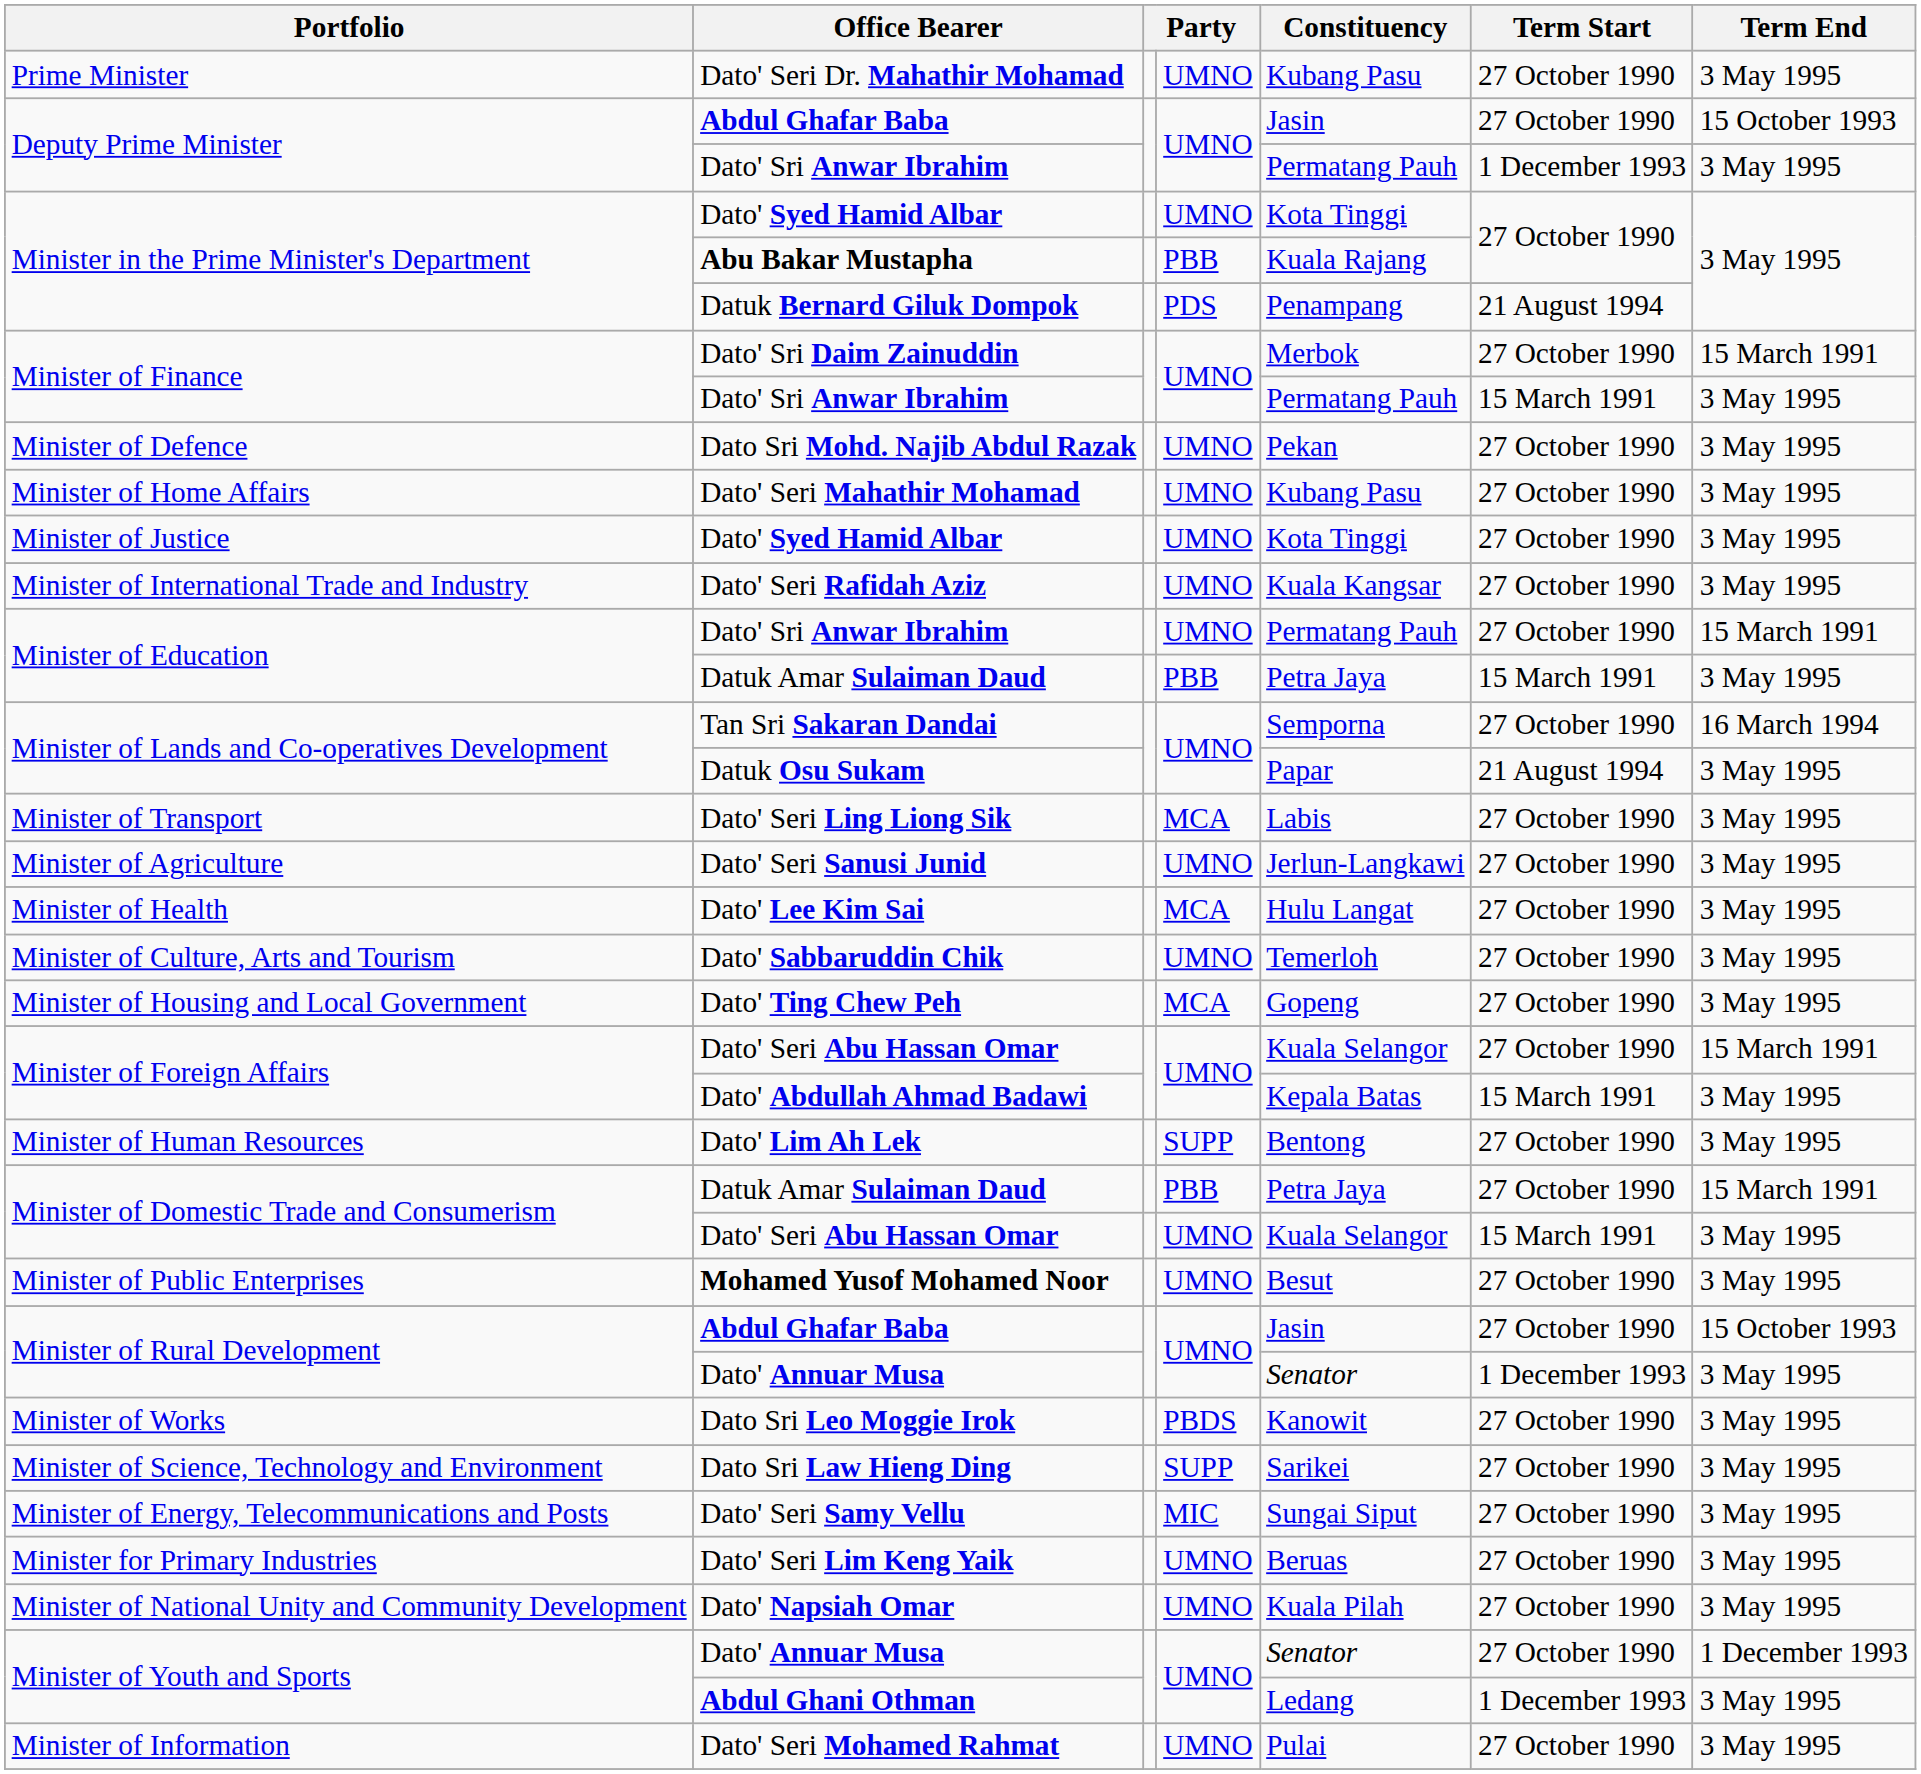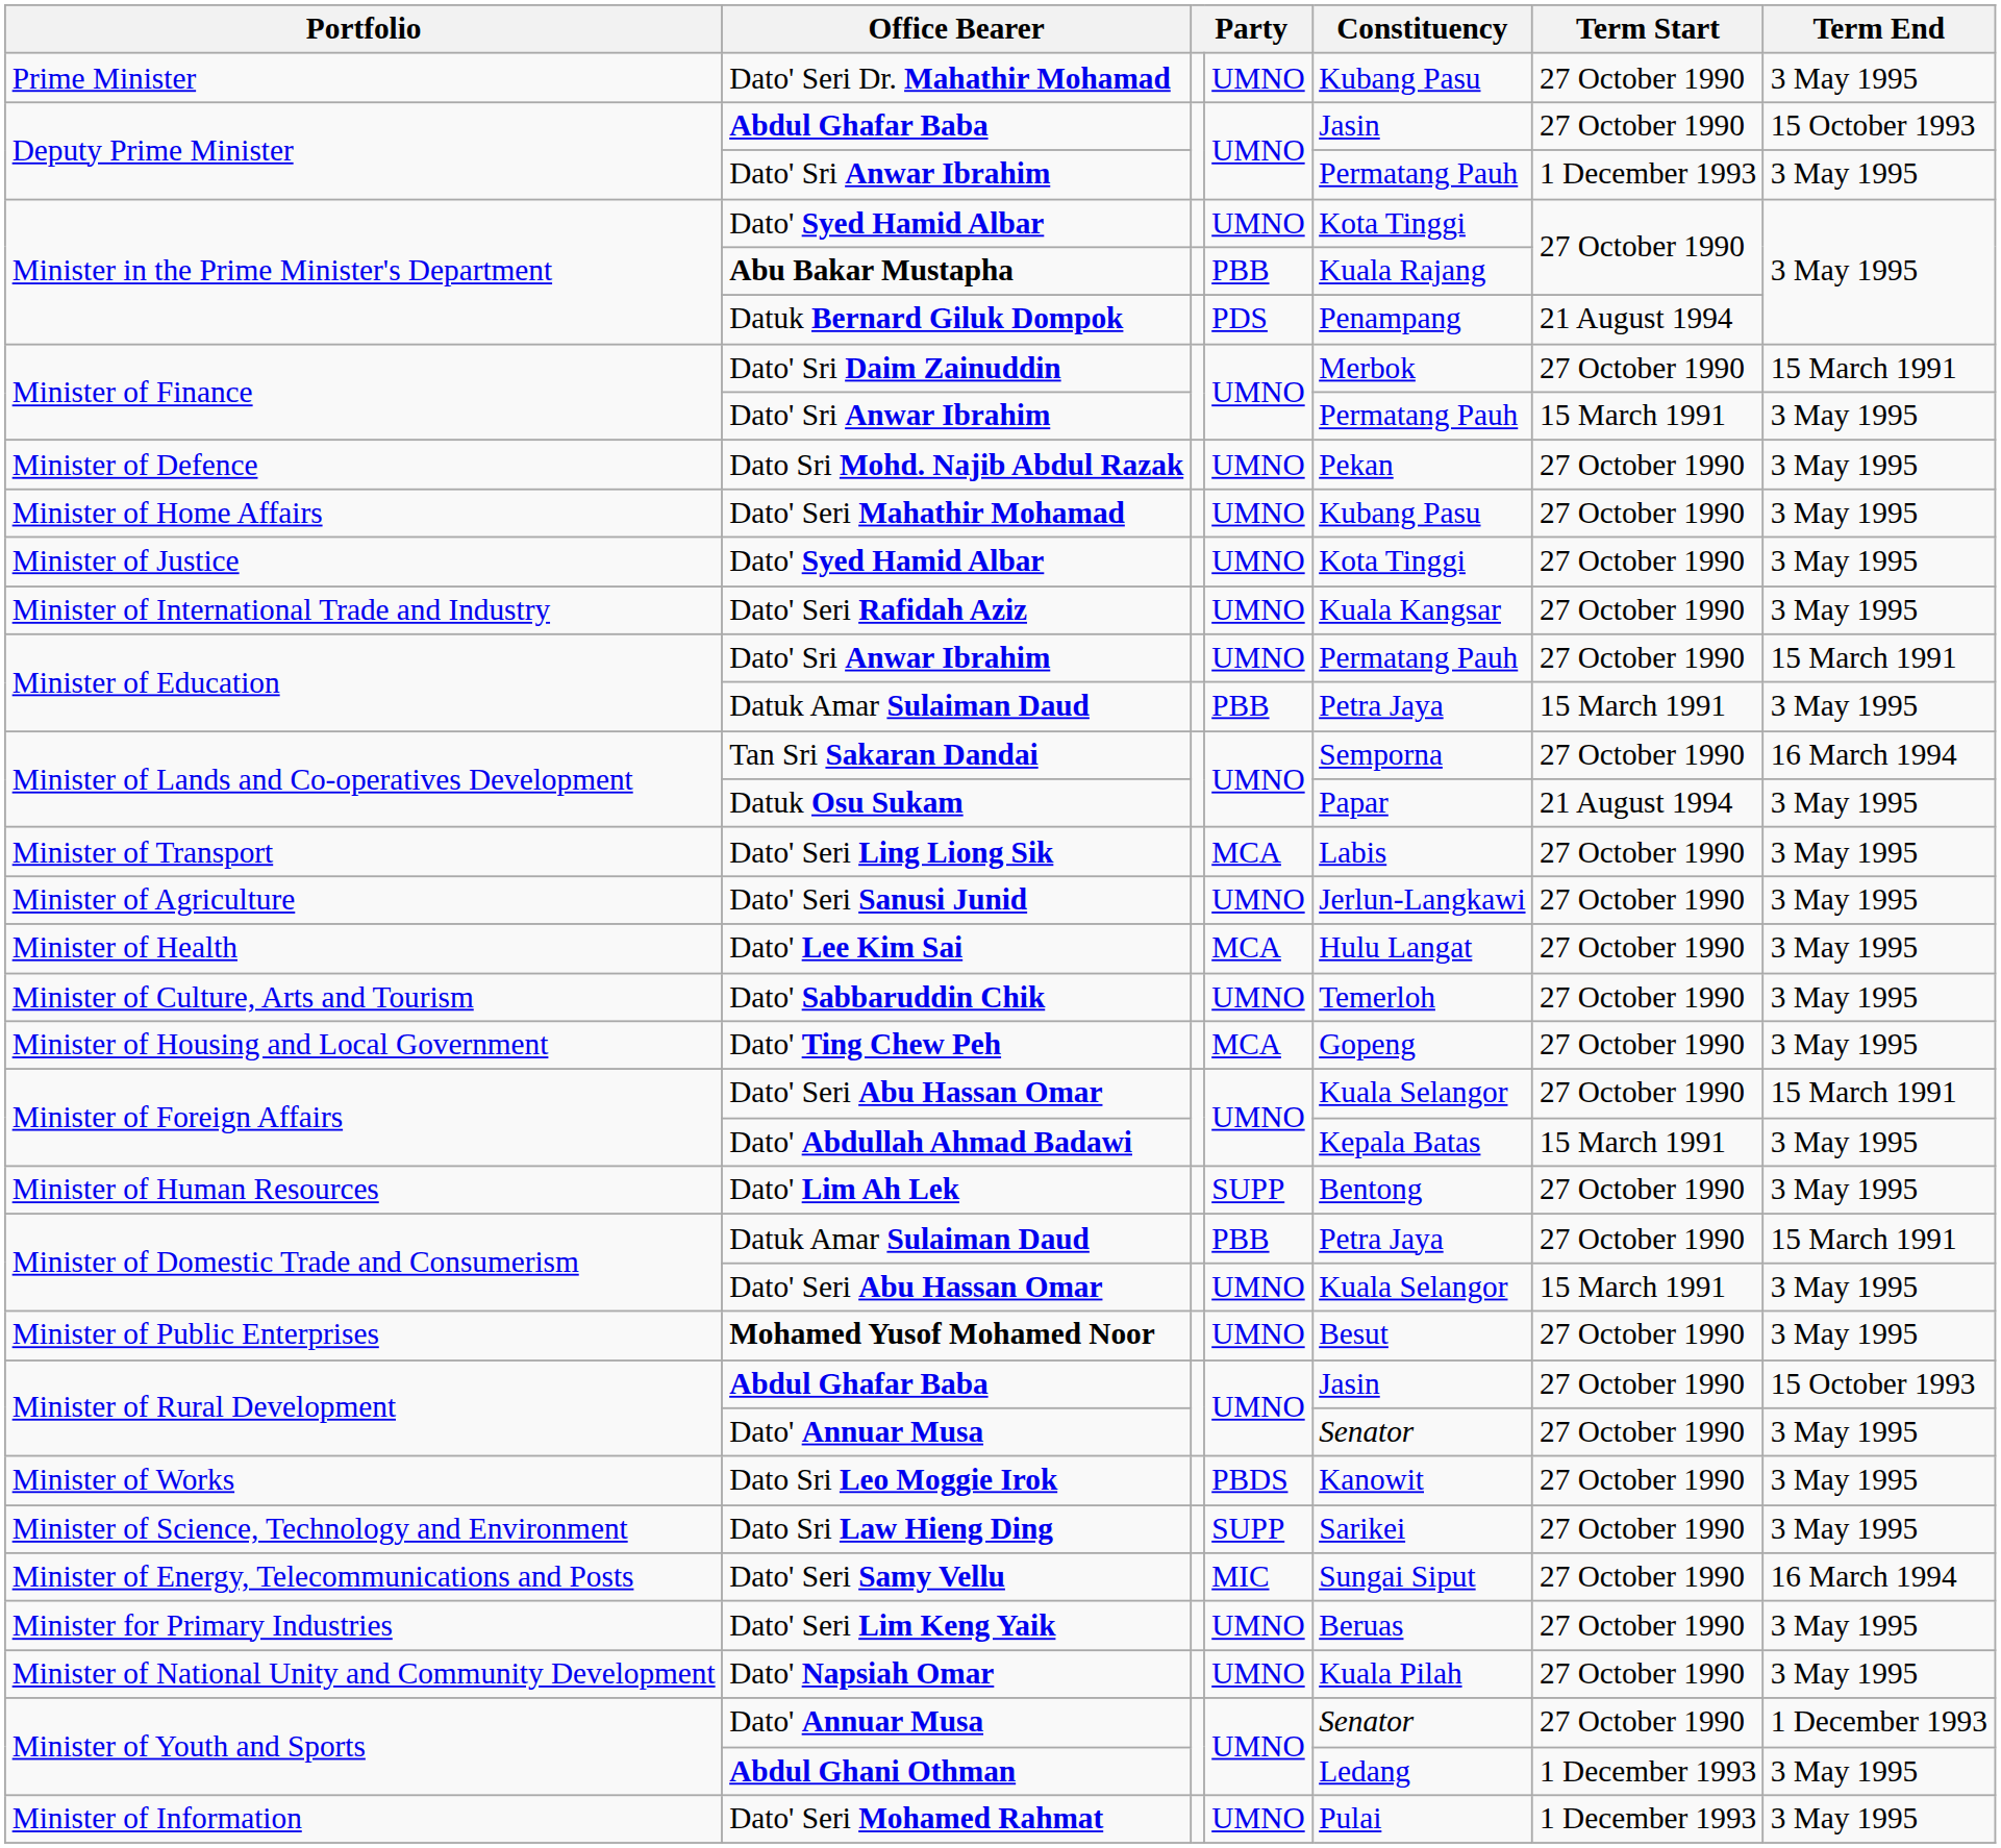 <table class="sortable wikitable">
 <tr>
 <th>Portfolio</th>
 <th>Office Bearer</th>
 <th colspan=2>Party</th>
 <th>Constituency</th>
 <th>Term Start</th>
 <th>Term End</th>
 </tr>
 <tr>
 <td><a href='#'>Prime Minister</a></td>
 <td>Dato' Seri Dr. <strong><a href='#'>Mahathir Mohamad</a></strong> </td>
 <td></td>
 <td><a href='#'>UMNO</a></td>
 <td><a href='#'>Kubang Pasu</a></td>
 <td>27 October 1990</td>
 <td>3 May 1995</td>
 </tr>
 <tr>
 <td rowspan=2><a href='#'>Deputy Prime Minister</a></td>
 <td><strong><a href='#'>Abdul Ghafar Baba</a></strong> </td>
 <td rowspan=2></td>
 <td rowspan=2><a href='#'>UMNO</a></td>
 <td><a href='#'>Jasin</a></td>
 <td>27 October 1990</td>
 <td>15 October 1993</td>
 </tr>
 <tr>
 <td>Dato' Sri <strong><a href='#'>Anwar Ibrahim</a></strong> </td>
 <td><a href='#'>Permatang Pauh</a></td>
 <td>1 December 1993</td>
 <td>3 May 1995</td>
 </tr>
 <tr>
 <td rowspan="3"><a href='#'>Minister in the Prime Minister's Department</a></td>
 <td>Dato' <strong><a href='#'>Syed Hamid Albar</a></strong> </td>
 <td></td>
 <td><a href='#'>UMNO</a></td>
 <td><a href='#'>Kota Tinggi</a></td>
 <td rowspan=2>27 October 1990</td>
 <td rowspan=3>3 May 1995</td>
 </tr>
 <tr>
 <td><strong>Abu Bakar Mustapha</strong> </td>
 <td></td>
 <td><a href='#'>PBB</a></td>
 <td><a href='#'>Kuala Rajang</a></td>
 </tr>
 <tr>
 <td>Datuk <strong><a href='#'>Bernard Giluk Dompok</a></strong> </td>
 <td rowspan=1></td>
 <td><a href='#'>PDS</a></td>
 <td><a href='#'>Penampang</a></td>
 <td>21 August 1994</td>
 </tr>
 <tr>
 <td rowspan="2"><a href='#'>Minister of Finance</a></td>
 <td>Dato' Sri <strong><a href='#'>Daim Zainuddin</a></strong> </td>
 <td rowspan=2></td>
 <td rowspan="2"><a href='#'>UMNO</a></td>
 <td><a href='#'>Merbok</a></td>
 <td>27 October 1990</td>
 <td>15 March 1991</td>
 </tr>
 <tr>
 <td>Dato' Sri <strong><a href='#'>Anwar Ibrahim</a></strong> </td>
 <td><a href='#'>Permatang Pauh</a></td>
 <td>15 March 1991</td>
 <td>3 May 1995</td>
 </tr>
 <tr>
 <td><a href='#'>Minister of Defence</a></td>
 <td>Dato Sri <strong><a href='#'>Mohd. Najib Abdul Razak</a></strong> </td>
 <td></td>
 <td><a href='#'>UMNO</a></td>
 <td><a href='#'>Pekan</a></td>
 <td>27 October 1990</td>
 <td>3 May 1995</td>
 </tr>
 <tr>
 <td><a href='#'>Minister of Home Affairs</a></td>
 <td>Dato' Seri <strong><a href='#'>Mahathir Mohamad</a></strong> </td>
 <td></td>
 <td><a href='#'>UMNO</a></td>
 <td><a href='#'>Kubang Pasu</a></td>
 <td>27 October 1990</td>
 <td>3 May 1995</td>
 </tr>
 <tr>
 <td><a href='#'>Minister of Justice</a></td>
 <td>Dato' <strong><a href='#'>Syed Hamid Albar</a></strong> </td>
 <td rowspan=1></td>
 <td><a href='#'>UMNO</a></td>
 <td><a href='#'>Kota Tinggi</a></td>
 <td>27 October 1990</td>
 <td>3 May 1995</td>
 </tr>
 <tr>
 <td><a href='#'>Minister of International Trade and Industry</a></td>
 <td>Dato' Seri <strong><a href='#'>Rafidah Aziz</a></strong> </td>
 <td></td>
 <td><a href='#'>UMNO</a></td>
 <td><a href='#'>Kuala Kangsar</a></td>
 <td>27 October 1990</td>
 <td>3 May 1995</td>
 </tr>
 <tr>
 <td rowspan=2><a href='#'>Minister of Education</a></td>
 <td>Dato' Sri <strong><a href='#'>Anwar Ibrahim</a></strong> </td>
 <td></td>
 <td><a href='#'>UMNO</a></td>
 <td><a href='#'>Permatang Pauh</a></td>
 <td>27 October 1990</td>
 <td>15 March 1991</td>
 </tr>
 <tr>
 <td>Datuk Amar <strong><a href='#'>Sulaiman Daud</a></strong> </td>
 <td></td>
 <td><a href='#'>PBB</a></td>
 <td><a href='#'>Petra Jaya</a></td>
 <td>15 March 1991</td>
 <td>3 May 1995</td>
 </tr>
 <tr>
 <td rowspan=2><a href='#'>Minister of Lands and Co-operatives Development</a></td>
 <td>Tan Sri <strong><a href='#'>Sakaran Dandai</a></strong> </td>
 <td rowspan=2></td>
 <td rowspan=2><a href='#'>UMNO</a></td>
 <td><a href='#'>Semporna</a></td>
 <td>27 October 1990</td>
 <td>16 March 1994</td>
 </tr>
 <tr>
 <td>Datuk <strong><a href='#'>Osu Sukam</a></strong> </td>
 <td><a href='#'>Papar</a></td>
 <td>21 August 1994</td>
 <td>3 May 1995</td>
 </tr>
 <tr>
 <td><a href='#'>Minister of Transport</a></td>
 <td>Dato' Seri <strong><a href='#'>Ling Liong Sik</a></strong> </td>
 <td></td>
 <td><a href='#'>MCA</a></td>
 <td><a href='#'>Labis</a></td>
 <td>27 October 1990</td>
 <td>3 May 1995</td>
 </tr>
 <tr>
 <td><a href='#'>Minister of Agriculture</a></td>
 <td>Dato' Seri <strong><a href='#'>Sanusi Junid</a></strong> </td>
 <td></td>
 <td><a href='#'>UMNO</a></td>
 <td><a href='#'>Jerlun-Langkawi</a></td>
 <td>27 October 1990</td>
 <td>3 May 1995</td>
 </tr>
 <tr>
 <td><a href='#'>Minister of Health</a></td>
 <td>Dato' <strong><a href='#'>Lee Kim Sai</a></strong> </td>
 <td></td>
 <td><a href='#'>MCA</a></td>
 <td><a href='#'>Hulu Langat</a></td>
 <td>27 October 1990</td>
 <td>3 May 1995</td>
 </tr>
 <tr>
 <td><a href='#'>Minister of Culture, Arts and Tourism</a></td>
 <td>Dato' <strong><a href='#'>Sabbaruddin Chik</a></strong> </td>
 <td></td>
 <td><a href='#'>UMNO</a></td>
 <td><a href='#'>Temerloh</a></td>
 <td>27 October 1990</td>
 <td>3 May 1995</td>
 </tr>
 <tr>
 <td><a href='#'>Minister of Housing and Local Government</a></td>
 <td>Dato' <strong><a href='#'>Ting Chew Peh</a></strong> </td>
 <td></td>
 <td><a href='#'>MCA</a></td>
 <td><a href='#'>Gopeng</a></td>
 <td>27 October 1990</td>
 <td>3 May 1995</td>
 </tr>
 <tr>
 <td rowspan=2><a href='#'>Minister of Foreign Affairs</a></td>
 <td>Dato' Seri <strong><a href='#'>Abu Hassan Omar</a></strong> </td>
 <td rowspan=2></td>
 <td rowspan=2><a href='#'>UMNO</a></td>
 <td><a href='#'>Kuala Selangor</a></td>
 <td>27 October 1990</td>
 <td>15 March 1991</td>
 </tr>
 <tr>
 <td>Dato' <strong><a href='#'>Abdullah Ahmad Badawi</a></strong> </td>
 <td><a href='#'>Kepala Batas</a></td>
 <td>15 March 1991</td>
 <td>3 May 1995</td>
 </tr>
 <tr>
 <td><a href='#'>Minister of Human Resources</a></td>
 <td>Dato' <strong><a href='#'>Lim Ah Lek</a></strong> </td>
 <td rowspan=1></td>
 <td><a href='#'>SUPP</a></td>
 <td><a href='#'>Bentong</a></td>
 <td>27 October 1990</td>
 <td>3 May 1995</td>
 </tr>
 <tr>
 <td rowspan=2><a href='#'>Minister of Domestic Trade and Consumerism</a></td>
 <td>Datuk Amar <strong><a href='#'>Sulaiman Daud</a></strong> </td>
 <td></td>
 <td><a href='#'>PBB</a></td>
 <td><a href='#'>Petra Jaya</a></td>
 <td>27 October 1990</td>
 <td>15 March 1991</td>
 </tr>
 <tr>
 <td>Dato' Seri <strong><a href='#'>Abu Hassan Omar</a></strong> </td>
 <td></td>
 <td><a href='#'>UMNO</a></td>
 <td><a href='#'>Kuala Selangor</a></td>
 <td>15 March 1991</td>
 <td>3 May 1995</td>
 </tr>
 <tr>
 <td><a href='#'>Minister of Public Enterprises</a></td>
 <td><strong>Mohamed Yusof Mohamed Noor</strong> </td>
 <td></td>
 <td><a href='#'>UMNO</a></td>
 <td><a href='#'>Besut</a></td>
 <td>27 October 1990</td>
 <td>3 May 1995</td>
 </tr>
 <tr>
 <td rowspan=2><a href='#'>Minister of Rural Development</a></td>
 <td><strong><a href='#'>Abdul Ghafar Baba</a></strong> </td>
 <td rowspan=2></td>
 <td rowspan=2><a href='#'>UMNO</a></td>
 <td><a href='#'>Jasin</a></td>
 <td>27 October 1990</td>
 <td>15 October 1993</td>
 </tr>
 <tr>
 <td>Dato' <strong><a href='#'>Annuar Musa</a></strong></td>
 <td><em>Senator</em></td>
-<td>1 December 1993</td>
+<td>27 October 1990</td>
 <td>3 May 1995</td>
 </tr>
 <tr>
 <td><a href='#'>Minister of Works</a></td>
 <td>Dato Sri <strong><a href='#'>Leo Moggie Irok</a></strong> </td>
 <td></td>
 <td><a href='#'>PBDS</a></td>
 <td><a href='#'>Kanowit</a></td>
 <td>27 October 1990</td>
 <td>3 May 1995</td>
 </tr>
 <tr>
 <td><a href='#'>Minister of Science, Technology and Environment</a></td>
 <td>Dato Sri <strong><a href='#'>Law Hieng Ding</a></strong> </td>
 <td></td>
 <td><a href='#'>SUPP</a></td>
 <td><a href='#'>Sarikei</a></td>
 <td>27 October 1990</td>
 <td>3 May 1995</td>
 </tr>
 <tr>
 <td><a href='#'>Minister of Energy, Telecommunications and Posts</a></td>
 <td>Dato' Seri <strong><a href='#'>Samy Vellu</a></strong> </td>
 <td></td>
 <td><a href='#'>MIC</a></td>
 <td><a href='#'>Sungai Siput</a></td>
 <td>27 October 1990</td>
-<td>3 May 1995</td>
+<td>16 March 1994</td>
 </tr>
 <tr>
 <td><a href='#'>Minister for Primary Industries</a></td>
 <td>Dato' Seri <strong><a href='#'>Lim Keng Yaik</a></strong> </td>
 <td></td>
 <td><a href='#'>UMNO</a></td>
 <td><a href='#'>Beruas</a></td>
 <td>27 October 1990</td>
 <td>3 May 1995</td>
 </tr>
 <tr>
 <td><a href='#'>Minister of National Unity and Community Development</a></td>
 <td>Dato' <strong><a href='#'>Napsiah Omar</a></strong> </td>
 <td></td>
 <td><a href='#'>UMNO</a></td>
 <td><a href='#'>Kuala Pilah</a></td>
 <td>27 October 1990</td>
 <td>3 May 1995</td>
 </tr>
 <tr>
 <td rowspan=2><a href='#'>Minister of Youth and Sports</a></td>
 <td>Dato' <strong><a href='#'>Annuar Musa</a></strong></td>
 <td rowspan=2></td>
 <td rowspan=2><a href='#'>UMNO</a></td>
 <td><em>Senator</em></td>
 <td>27 October 1990</td>
 <td>1 December 1993</td>
 </tr>
 <tr>
 <td><strong><a href='#'>Abdul Ghani Othman</a></strong> </td>
 <td><a href='#'>Ledang</a></td>
 <td>1 December 1993</td>
 <td>3 May 1995</td>
 </tr>
 <tr>
 <td><a href='#'>Minister of Information</a></td>
 <td>Dato' Seri <strong><a href='#'>Mohamed Rahmat</a></strong> </td>
 <td></td>
 <td><a href='#'>UMNO</a></td>
 <td><a href='#'>Pulai</a></td>
-<td>27 October 1990</td>
+<td>1 December 1993</td>
 <td>3 May 1995</td>
 </tr>
 </table>
